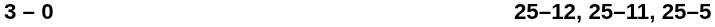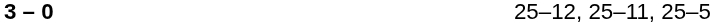 <table width=100% cellspacing=1>
 <tr>
 <th width=20%></th>
 <th width=12%></th>
 <th width=20%></th>
 <th width=33%></th>
 <td></td>
 </tr>
 <tr style=font-size:95%>
 <td align=right><strong></strong></td>
 <td align=center><strong>3 – 0</strong></td>
 <td></td>
-<td><strong>25–12, 25–11, 25–5</strong></td>
+<td>25–12, 25–11, 25–5</td>
 </tr>
 </table>
